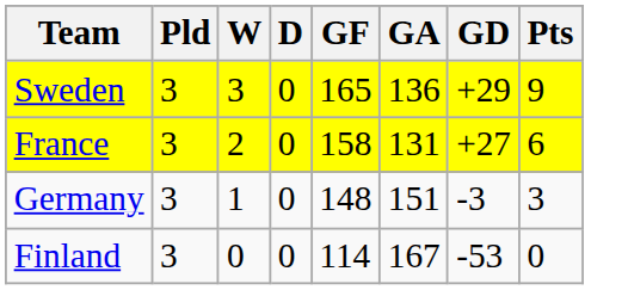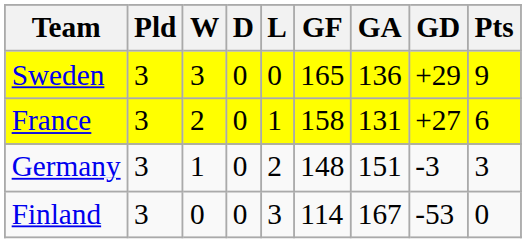 <table class="wikitable" border="1">
 <tr>
 <th>Team</th>
 <th>Pld</th>
 <th>W</th>
 <th>D</th>
+<th>L</th>
 <th>GF</th>
 <th>GA</th>
 <th>GD</th>
 <th>Pts</th>
 </tr>
 <tr style="background:#ffff00">
 <td> <a href='#'>Sweden</a></td>
 <td>3</td>
 <td>3</td>
+<td>0</td>
 <td>0</td>
 <td>165</td>
 <td>136</td>
 <td>+29</td>
 <td>9</td>
 </tr>
 <tr style="background:#ffff00">
 <td> <a href='#'>France</a></td>
 <td>3</td>
 <td>2</td>
 <td>0</td>
+<td>1</td>
 <td>158</td>
 <td>131</td>
 <td>+27</td>
 <td>6</td>
 </tr>
 <tr>
 <td> <a href='#'>Germany</a></td>
 <td>3</td>
 <td>1</td>
 <td>0</td>
+<td>2</td>
 <td>148</td>
 <td>151</td>
 <td>-3</td>
 <td>3</td>
 </tr>
 <tr>
 <td> <a href='#'>Finland</a></td>
 <td>3</td>
 <td>0</td>
 <td>0</td>
+<td>3</td>
 <td>114</td>
 <td>167</td>
 <td>-53</td>
 <td>0</td>
 </tr>
 </table>
